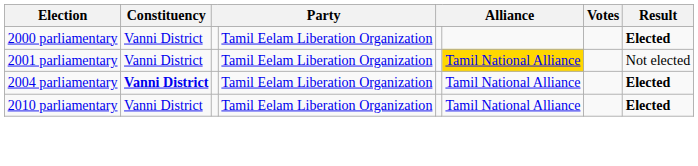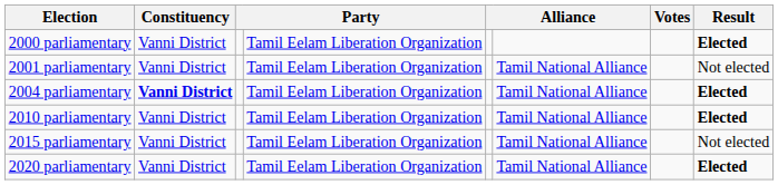 <table class="wikitable" style="text-align:left;">
 <tr>
 <th scope=col>Election</th>
 <th scope=col>Constituency</th>
 <th scope=col colspan="2">Party</th>
 <th scope=col colspan="2">Alliance</th>
 <th scope=col>Votes</th>
 <th scope=col>Result</th>
 </tr>
 <tr>
 <td><a href='#'>2000 parliamentary</a></td>
 <td><a href='#'>Vanni District</a></td>
 <td style="background:"></td>
 <td><a href='#'>Tamil Eelam Liberation Organization</a></td>
 <td></td>
 <td></td>
 <td align=right></td>
 <td><strong>Elected</strong></td>
 </tr>
 <tr>
 <td><a href='#'>2001 parliamentary</a></td>
 <td><a href='#'>Vanni District</a></td>
 <td style="background:"></td>
 <td><a href='#'>Tamil Eelam Liberation Organization</a></td>
 <td style="background:"></td>
-<td style="background: gold;"><a href='#'>Tamil National Alliance</a></td>
+<td><a href='#'>Tamil National Alliance</a></td>
 <td></td>
 <td>Not elected</td>
 </tr>
 <tr>
 <td><a href='#'>2004 parliamentary</a></td>
 <td><strong><a href='#'>Vanni District</a></strong></td>
 <td style="background:"></td>
 <td><a href='#'>Tamil Eelam Liberation Organization</a></td>
 <td style="background:"></td>
 <td><a href='#'>Tamil National Alliance</a></td>
 <td align=right></td>
 <td><strong>Elected</strong></td>
 </tr>
 <tr>
 <td><a href='#'>2010 parliamentary</a></td>
 <td><a href='#'>Vanni District</a></td>
 <td style="background:"></td>
 <td><a href='#'>Tamil Eelam Liberation Organization</a></td>
 <td style="background:"></td>
 <td><a href='#'>Tamil National Alliance</a></td>
 <td align=right></td>
 <td><strong>Elected</strong></td>
 </tr>
+<tr>
+<td><a href='#'>2015 parliamentary</a></td>
+<td><a href='#'>Vanni District</a></td>
+<td style="background:"></td>
+<td><a href='#'>Tamil Eelam Liberation Organization</a></td>
+<td style="background:"></td>
+<td><a href='#'>Tamil National Alliance</a></td>
+<td align=right></td>
+<td>Not elected</td>
+</tr>
+<tr>
+<td><a href='#'>2020 parliamentary</a></td>
+<td><a href='#'>Vanni District</a></td>
+<td style="background:"></td>
+<td><a href='#'>Tamil Eelam Liberation Organization</a></td>
+<td style="background:"></td>
+<td><a href='#'>Tamil National Alliance</a></td>
+<td align=right></td>
+<td><strong>Elected</strong></td>
+</tr>
 </table>
